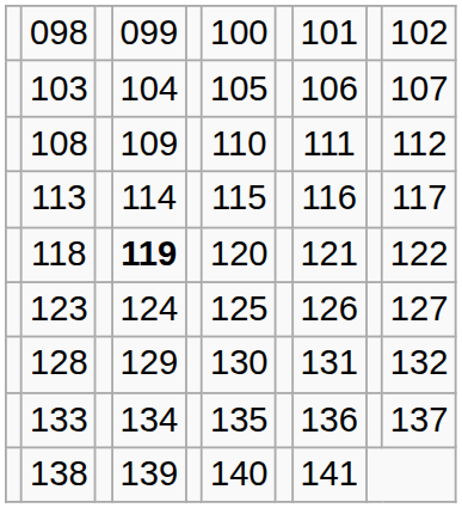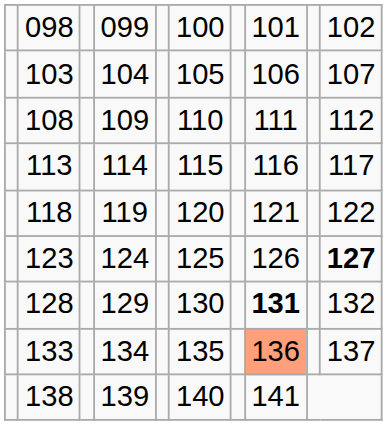 <table class="wikitable" style="text-align:center">
 <tr>
 <td></td>
 <td>098<br><big></big></td>
 <td></td>
 <td>099<br><big></big></td>
 <td></td>
 <td>100<br><big></big></td>
 <td></td>
 <td>101<br><big></big></td>
 <td></td>
 <td>102<br><big></big></td>
 </tr>
 <tr>
 <td></td>
 <td>103<br><big></big></td>
 <td></td>
 <td>104<br><big></big></td>
 <td></td>
 <td>105<br><big></big></td>
 <td></td>
 <td>106<br><big></big></td>
 <td></td>
 <td>107<br><big></big></td>
 </tr>
 <tr>
 <td></td>
 <td>108<br><big></big></td>
 <td></td>
 <td>109<br><big></big></td>
 <td></td>
 <td>110<br><big></big></td>
 <td></td>
 <td>111<br><big></big></td>
 <td></td>
 <td>112<br><big></big></td>
 </tr>
 <tr>
 <td></td>
 <td>113<br><big></big></td>
 <td></td>
 <td>114<br><big></big></td>
 <td></td>
 <td>115<br><big></big></td>
 <td></td>
 <td>116<br><big></big></td>
 <td></td>
 <td>117<br><big></big></td>
 </tr>
 <tr>
 <td></td>
 <td>118<br><big></big></td>
 <td></td>
-<td><strong>119<br><big></big></strong></td>
+<td>119<br><big></big></td>
 <td></td>
 <td>120<br><big></big></td>
 <td></td>
 <td>121<br><big></big></td>
 <td></td>
 <td>122<br><big></big></td>
 </tr>
 <tr>
 <td></td>
 <td>123<br><big></big></td>
 <td></td>
 <td>124<br><big></big></td>
 <td></td>
 <td>125<br><big></big></td>
 <td></td>
 <td>126<br><big></big></td>
 <td></td>
-<td>127<br><big></big></td>
+<td><strong>127<br><big></big></strong></td>
 </tr>
 <tr>
 <td></td>
 <td>128<br><big></big></td>
 <td></td>
 <td>129<br><big></big></td>
 <td></td>
 <td>130<br><big></big></td>
 <td></td>
-<td>131<br><big></big></td>
+<td><strong>131<br><big></big></strong></td>
 <td></td>
 <td>132<br><big></big></td>
 </tr>
 <tr>
 <td></td>
 <td>133<br><big></big></td>
 <td></td>
 <td>134<br><big></big></td>
 <td></td>
 <td>135<br><big></big></td>
 <td></td>
-<td>136<br><big></big></td>
+<td style="background: lightsalmon;">136<br><big></big></td>
 <td></td>
 <td>137<br><big></big></td>
 </tr>
 <tr>
 <td></td>
 <td>138<br><big></big></td>
 <td></td>
 <td>139<br><big></big></td>
 <td></td>
 <td>140<br><big></big></td>
 <td></td>
 <td>141<br><big></big></td>
 </tr>
 </table>
